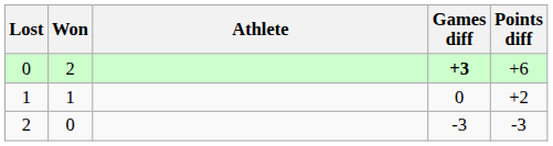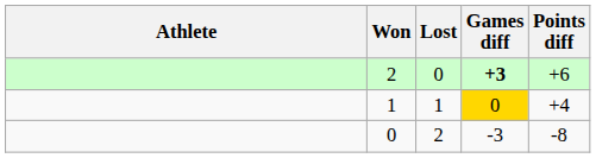 <table class="wikitable">
 <tr>
+<th style="width:18em">Athlete</th>
+<th>Won</th>
 <th>Lost</th>
-<th>Won</th>
-<th style="width:18em">Athlete</th>
 <th>Games<br>diff</th>
 <th>Points<br>diff</th>
 </tr>
 <tr bgcolor="#ccffcc">
+<td></td>
+<td align="center">2</td>
 <td align="center">0</td>
-<td align="center">2</td>
-<td></td>
 <td align="center"><strong>+3</strong></td>
 <td align="center">+6</td>
 </tr>
 <tr>
+<td></td>
 <td align="center">1</td>
 <td align="center">1</td>
+<td align="center" style="background: gold;">0</td>
+<td align="center">+4</td>
+</tr>
+<tr>
 <td></td>
 <td align="center">0</td>
-<td align="center">+2</td>
-</tr>
-<tr>
 <td align="center">2</td>
-<td align="center">0</td>
-<td></td>
 <td align="center">-3</td>
-<td align="center">-3</td>
+<td align="center">-8</td>
 </tr>
 </table>
